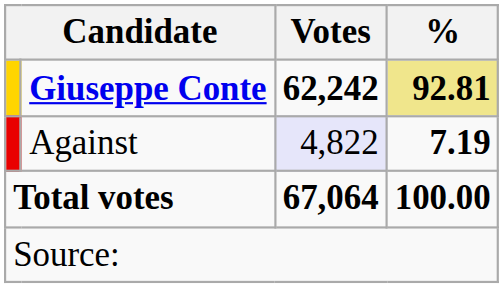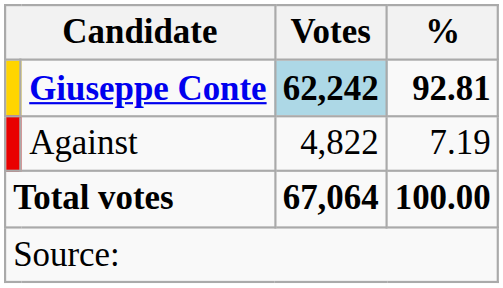 <table class="wikitable" style="font-size:100%">
 <tr bgcolor="#E9E9E9">
 <th rowspan="1" colspan="2">Candidate</th>
 <th rowspan="1" colspan="1">Votes</th>
 <th rowspan="1" colspan="1">%</th>
 </tr>
 <tr>
 <td style="color:inherit;background:#FFD500"></td>
 <td align="left"><strong><a href='#'>Giuseppe Conte</a></strong></td>
-<td align="right"><strong>62,242</strong></td>
-<td align="right" style="background: khaki;"><strong>92.81</strong></td>
+<td align="right" style="background: lightblue;"><strong>62,242</strong></td>
+<td align="right"><strong>92.81</strong></td>
 </tr>
 <tr>
 <td style="color:inherit;background:#E90000"></td>
 <td>Against</td>
-<td align="right" style="background: lavender;">4,822</td>
-<td align="right"><strong>7.19</strong></td>
+<td align="right">4,822</td>
+<td align="right">7.19</td>
 </tr>
 <tr>
 <td colspan="2" align="left"><strong>Total votes</strong></td>
 <td align="right"><strong>67,064</strong></td>
 <td align="right"><strong>100.00</strong></td>
 </tr>
 <tr>
 <td colspan="5">Source: </td>
 </tr>
 </table>
